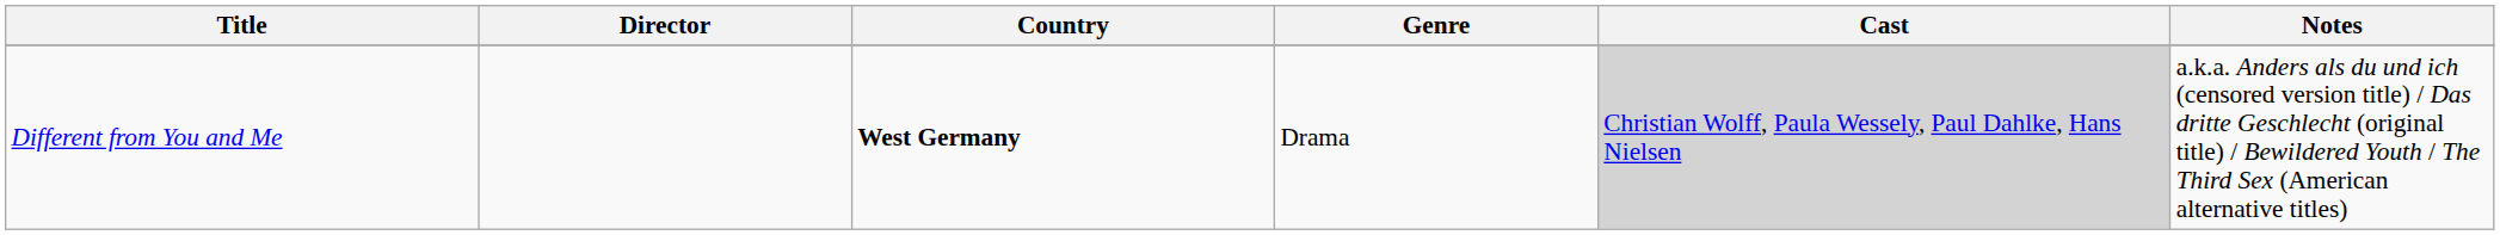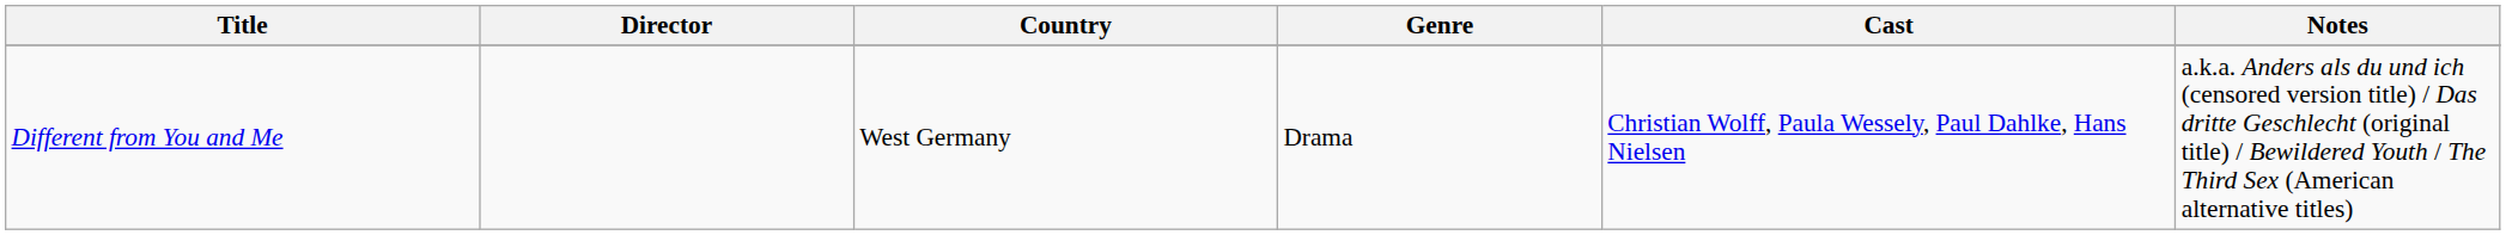 <table class="wikitable sortable">
 <tr>
 <th width="19%">Title</th>
 <th width="15%">Director</th>
 <th width="17%">Country</th>
 <th width="13%">Genre</th>
 <th width="23%">Cast</th>
 <th width="46%">Notes</th>
 </tr>
 <tr valign="top">
 </tr>
 <tr>
 <td><em><a href='#'>Different from You and Me</a></em></td>
 <td></td>
-<td><strong>West Germany</strong></td>
+<td>West Germany</td>
 <td>Drama</td>
-<td style="background: lightgrey;"><a href='#'>Christian Wolff</a>, <a href='#'>Paula Wessely</a>, <a href='#'>Paul Dahlke</a>, <a href='#'>Hans Nielsen</a></td>
+<td><a href='#'>Christian Wolff</a>, <a href='#'>Paula Wessely</a>, <a href='#'>Paul Dahlke</a>, <a href='#'>Hans Nielsen</a></td>
 <td>a.k.a. <em>Anders als du und ich</em> (censored version title) / <em>Das dritte Geschlecht</em> (original title) / <em>Bewildered Youth</em> /<em> The Third Sex</em> (American alternative titles)</td>
 </tr>
 </table>
